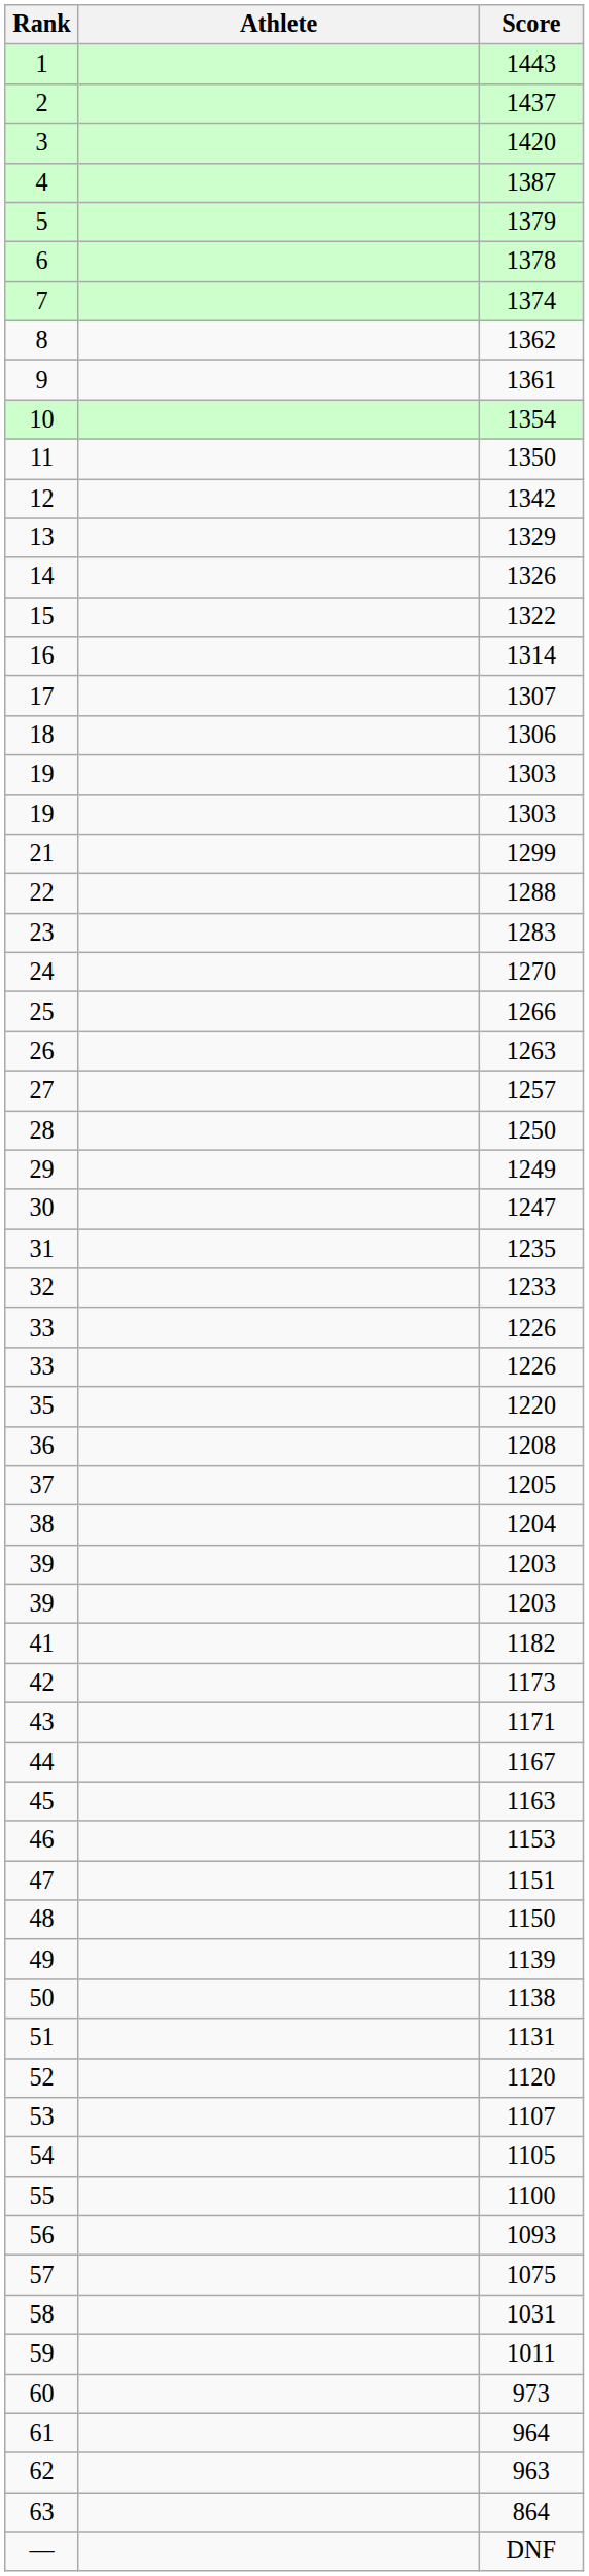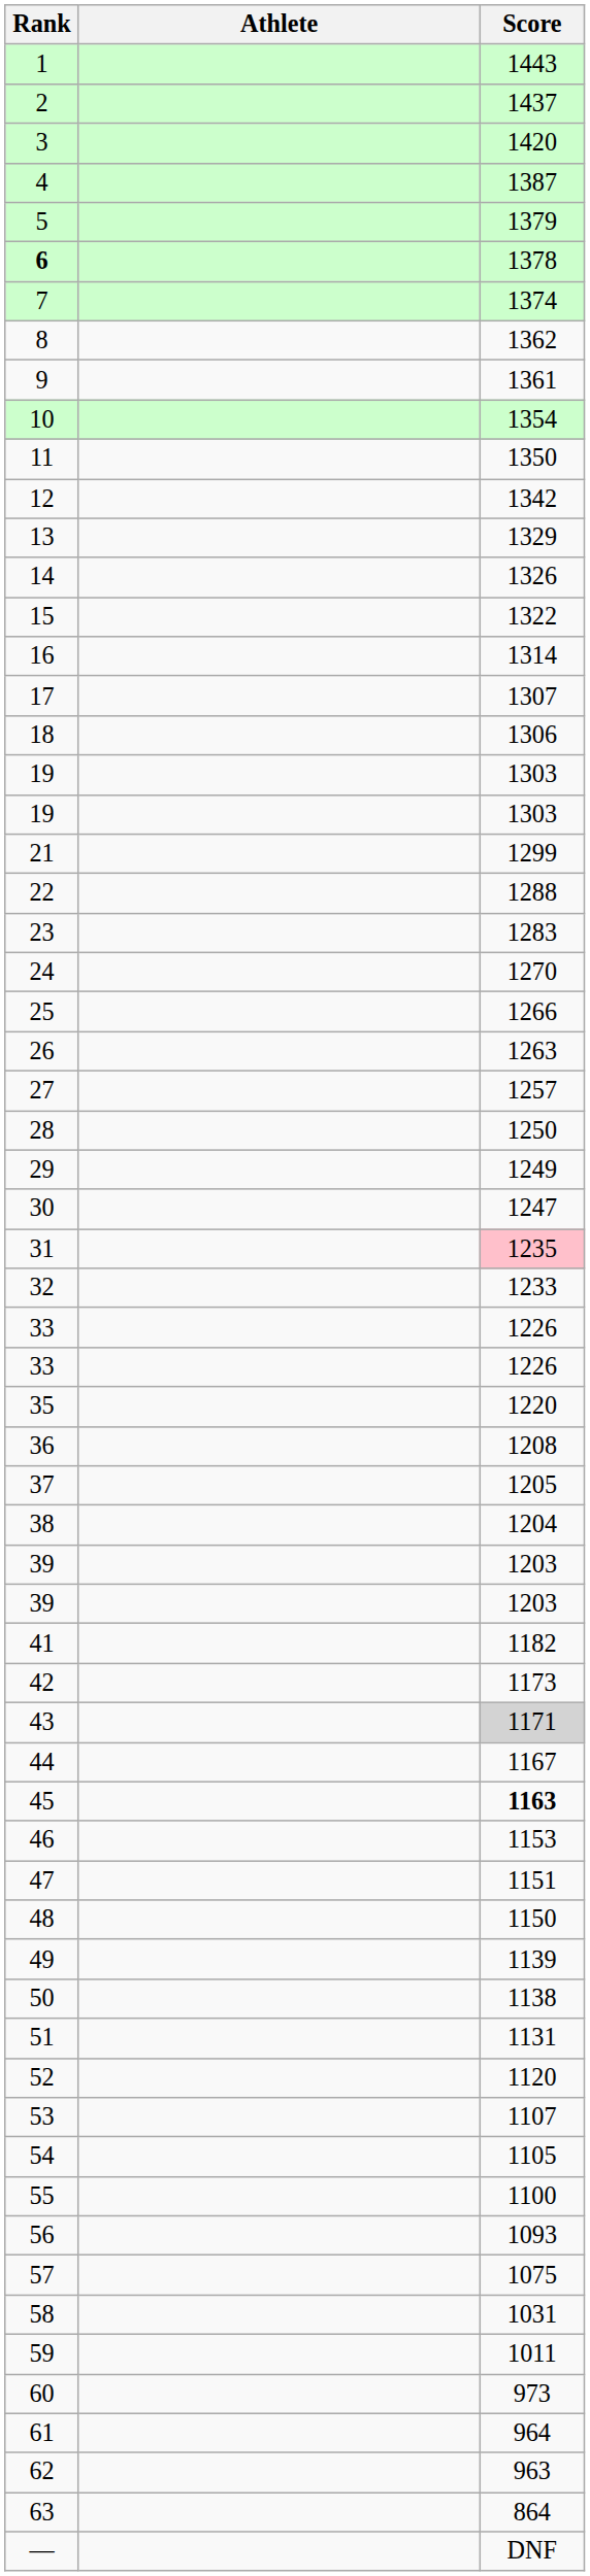 <table class=wikitable style="text-align:center">
 <tr>
 <th width=40>Rank</th>
 <th width=250>Athlete</th>
 <th width=60>Score</th>
 </tr>
 <tr bgcolor="ccffcc">
 <td>1</td>
 <td align=left></td>
 <td>1443</td>
 </tr>
 <tr bgcolor="ccffcc">
 <td>2</td>
 <td align=left></td>
 <td>1437</td>
 </tr>
 <tr bgcolor="ccffcc">
 <td>3</td>
 <td align=left></td>
 <td>1420</td>
 </tr>
 <tr bgcolor="ccffcc">
 <td>4</td>
 <td align=left></td>
 <td>1387</td>
 </tr>
 <tr bgcolor="ccffcc">
 <td>5</td>
 <td align=left></td>
 <td>1379</td>
 </tr>
 <tr bgcolor="ccffcc">
-<td>6</td>
+<td><strong>6</strong></td>
 <td align=left></td>
 <td>1378</td>
 </tr>
 <tr bgcolor="ccffcc">
 <td>7</td>
 <td align=left></td>
 <td>1374</td>
 </tr>
 <tr>
 <td>8</td>
 <td align=left></td>
 <td>1362</td>
 </tr>
 <tr>
 <td>9</td>
 <td align=left></td>
 <td>1361</td>
 </tr>
 <tr bgcolor="ccffcc">
 <td>10</td>
 <td align=left></td>
 <td>1354</td>
 </tr>
 <tr>
 <td>11</td>
 <td align=left></td>
 <td>1350</td>
 </tr>
 <tr>
 <td>12</td>
 <td align=left></td>
 <td>1342</td>
 </tr>
 <tr>
 <td>13</td>
 <td align=left></td>
 <td>1329</td>
 </tr>
 <tr>
 <td>14</td>
 <td align=left></td>
 <td>1326</td>
 </tr>
 <tr>
 <td>15</td>
 <td align=left></td>
 <td>1322</td>
 </tr>
 <tr>
 <td>16</td>
 <td align=left></td>
 <td>1314</td>
 </tr>
 <tr>
 <td>17</td>
 <td align=left></td>
 <td>1307</td>
 </tr>
 <tr>
 <td>18</td>
 <td align=left></td>
 <td>1306</td>
 </tr>
 <tr>
 <td>19</td>
 <td align=left></td>
 <td>1303</td>
 </tr>
 <tr>
 <td>19</td>
 <td align=left></td>
 <td>1303</td>
 </tr>
 <tr>
 <td>21</td>
 <td align=left></td>
 <td>1299</td>
 </tr>
 <tr>
 <td>22</td>
 <td align=left></td>
 <td>1288</td>
 </tr>
 <tr>
 <td>23</td>
 <td align=left></td>
 <td>1283</td>
 </tr>
 <tr>
 <td>24</td>
 <td align=left></td>
 <td>1270</td>
 </tr>
 <tr>
 <td>25</td>
 <td align=left></td>
 <td>1266</td>
 </tr>
 <tr>
 <td>26</td>
 <td align=left></td>
 <td>1263</td>
 </tr>
 <tr>
 <td>27</td>
 <td align=left></td>
 <td>1257</td>
 </tr>
 <tr>
 <td>28</td>
 <td align=left></td>
 <td>1250</td>
 </tr>
 <tr>
 <td>29</td>
 <td align=left></td>
 <td>1249</td>
 </tr>
 <tr>
 <td>30</td>
 <td align=left></td>
 <td>1247</td>
 </tr>
 <tr>
 <td>31</td>
 <td align=left></td>
-<td>1235</td>
+<td style="background: pink;">1235</td>
 </tr>
 <tr>
 <td>32</td>
 <td align=left></td>
 <td>1233</td>
 </tr>
 <tr>
 <td>33</td>
 <td align=left></td>
 <td>1226</td>
 </tr>
 <tr>
 <td>33</td>
 <td align=left></td>
 <td>1226</td>
 </tr>
 <tr>
 <td>35</td>
 <td align=left></td>
 <td>1220</td>
 </tr>
 <tr>
 <td>36</td>
 <td align=left></td>
 <td>1208</td>
 </tr>
 <tr>
 <td>37</td>
 <td align=left></td>
 <td>1205</td>
 </tr>
 <tr>
 <td>38</td>
 <td align=left></td>
 <td>1204</td>
 </tr>
 <tr>
 <td>39</td>
 <td align=left></td>
 <td>1203</td>
 </tr>
 <tr>
 <td>39</td>
 <td align=left></td>
 <td>1203</td>
 </tr>
 <tr>
 <td>41</td>
 <td align=left></td>
 <td>1182</td>
 </tr>
 <tr>
 <td>42</td>
 <td align=left></td>
 <td>1173</td>
 </tr>
 <tr>
 <td>43</td>
 <td align=left></td>
-<td>1171</td>
+<td style="background: lightgrey;">1171</td>
 </tr>
 <tr>
 <td>44</td>
 <td align=left></td>
 <td>1167</td>
 </tr>
 <tr>
 <td>45</td>
 <td align=left></td>
-<td>1163</td>
+<td><strong>1163</strong></td>
 </tr>
 <tr>
 <td>46</td>
 <td align=left></td>
 <td>1153</td>
 </tr>
 <tr>
 <td>47</td>
 <td align=left></td>
 <td>1151</td>
 </tr>
 <tr>
 <td>48</td>
 <td align=left></td>
 <td>1150</td>
 </tr>
 <tr>
 <td>49</td>
 <td align=left></td>
 <td>1139</td>
 </tr>
 <tr>
 <td>50</td>
 <td align=left></td>
 <td>1138</td>
 </tr>
 <tr>
 <td>51</td>
 <td align=left></td>
 <td>1131</td>
 </tr>
 <tr>
 <td>52</td>
 <td align=left></td>
 <td>1120</td>
 </tr>
 <tr>
 <td>53</td>
 <td align=left></td>
 <td>1107</td>
 </tr>
 <tr>
 <td>54</td>
 <td align=left></td>
 <td>1105</td>
 </tr>
 <tr>
 <td>55</td>
 <td align=left></td>
 <td>1100</td>
 </tr>
 <tr>
 <td>56</td>
 <td align=left></td>
 <td>1093</td>
 </tr>
 <tr>
 <td>57</td>
 <td align=left></td>
 <td>1075</td>
 </tr>
 <tr>
 <td>58</td>
 <td align=left></td>
 <td>1031</td>
 </tr>
 <tr>
 <td>59</td>
 <td align=left></td>
 <td>1011</td>
 </tr>
 <tr>
 <td>60</td>
 <td align=left></td>
 <td>973</td>
 </tr>
 <tr>
 <td>61</td>
 <td align=left></td>
 <td>964</td>
 </tr>
 <tr>
 <td>62</td>
 <td align=left></td>
 <td>963</td>
 </tr>
 <tr>
 <td>63</td>
 <td align=left></td>
 <td>864</td>
 </tr>
 <tr>
 <td>—</td>
 <td align=left></td>
 <td>DNF</td>
 </tr>
 </table>
